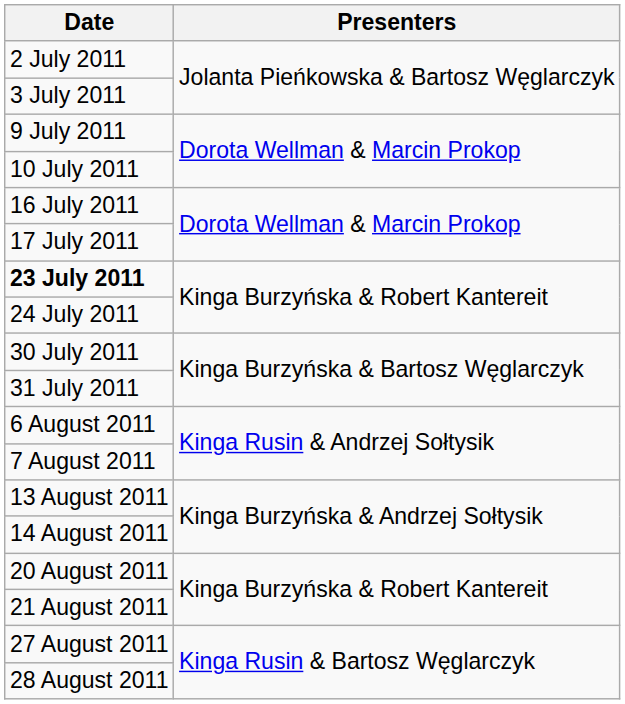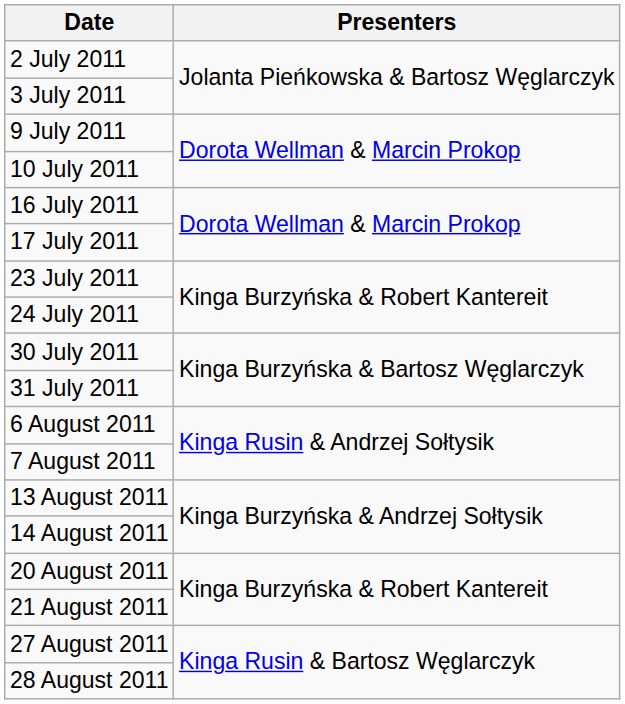 <table class="wikitable" style="font-size:100%;">
 <tr>
 <th>Date</th>
 <th>Presenters</th>
 </tr>
 <tr>
 <td>2 July 2011</td>
 <td rowspan=2>Jolanta Pieńkowska & Bartosz Węglarczyk</td>
 </tr>
 <tr>
 <td>3 July 2011</td>
 </tr>
 <tr>
 <td>9 July 2011</td>
 <td rowspan=2><a href='#'>Dorota Wellman</a> & <a href='#'>Marcin Prokop</a></td>
 </tr>
 <tr>
 <td>10 July 2011</td>
 </tr>
 <tr>
 <td>16 July 2011</td>
 <td rowspan=2><a href='#'>Dorota Wellman</a> & <a href='#'>Marcin Prokop</a></td>
 </tr>
 <tr>
 <td>17 July 2011</td>
 </tr>
 <tr>
-<td><strong>23 July 2011</strong></td>
+<td>23 July 2011</td>
 <td rowspan=2>Kinga Burzyńska & Robert Kantereit</td>
 </tr>
 <tr>
 <td>24 July 2011</td>
 </tr>
 <tr>
 <td>30 July 2011</td>
 <td rowspan=2>Kinga Burzyńska & Bartosz Węglarczyk</td>
 </tr>
 <tr>
 <td>31 July 2011</td>
 </tr>
 <tr>
 <td>6 August 2011</td>
 <td rowspan=2><a href='#'>Kinga Rusin</a> & Andrzej Sołtysik</td>
 </tr>
 <tr>
 <td>7 August 2011</td>
 </tr>
 <tr>
 <td>13 August 2011</td>
 <td rowspan=2>Kinga Burzyńska & Andrzej Sołtysik</td>
 </tr>
 <tr>
 <td>14 August 2011</td>
 </tr>
 <tr>
 <td>20 August 2011</td>
 <td rowspan=2>Kinga Burzyńska & Robert Kantereit</td>
 </tr>
 <tr>
 <td>21 August 2011</td>
 </tr>
 <tr>
 <td>27 August 2011</td>
 <td rowspan=2><a href='#'>Kinga Rusin</a> & Bartosz Węglarczyk</td>
 </tr>
 <tr>
 <td>28 August 2011</td>
 </tr>
 </table>
